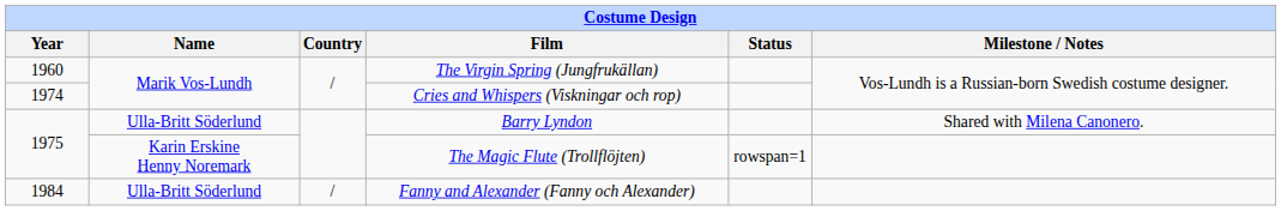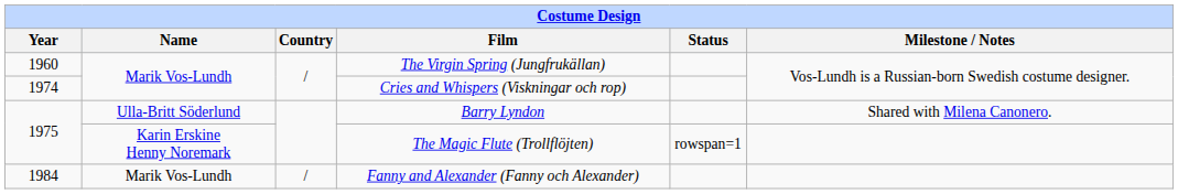 <table class="wikitable" style="text-align: center">
 <tr ---- bgcolor="#bfd7ff">
 <td colspan=6 align=center><strong><a href='#'>Costume Design</a></strong></td>
 </tr>
 <tr ---- bgcolor="#ebf5ff">
 <th width="75">Year</th>
 <th width="200">Name</th>
 <th width="50">Country</th>
 <th width="350">Film</th>
 <th width="75">Status</th>
 <th width="450">Milestone / Notes</th>
 </tr>
 <tr>
 <td style="text-align: center">1960</td>
 <td rowspan="2"><a href='#'>Marik Vos-Lundh</a></td>
 <td rowspan="2" style="text-align: center">/</td>
 <td><em><a href='#'>The Virgin Spring</a> (Jungfrukällan)</em></td>
 <td></td>
 <td rowspan="2">Vos-Lundh is a Russian-born Swedish costume designer.</td>
 </tr>
 <tr>
 <td style="text-align: center">1974</td>
 <td><em><a href='#'>Cries and Whispers</a> (Viskningar och rop)</em></td>
 <td></td>
 </tr>
 <tr>
 <td rowspan=2 style="text-align: center">1975</td>
 <td><a href='#'>Ulla-Britt Söderlund</a></td>
 <td rowspan="2" style="text-align: center"></td>
 <td><em><a href='#'>Barry Lyndon</a></em></td>
 <td></td>
 <td>Shared with <a href='#'>Milena Canonero</a>.</td>
 </tr>
 <tr>
 <td><a href='#'>Karin Erskine</a><br><a href='#'>Henny Noremark</a></td>
 <td rowspan=1><em><a href='#'>The Magic Flute</a> (Trollflöjten)</em></td>
 <td>rowspan=1 </td>
 <td></td>
 </tr>
 <tr>
 <td style="text-align: center">1984</td>
-<td><a href='#'>Ulla-Britt Söderlund</a></td>
+<td>Marik Vos-Lundh</td>
 <td style="text-align: center">/</td>
 <td><em><a href='#'>Fanny and Alexander</a> (Fanny och Alexander)</em></td>
 <td></td>
 <td></td>
 </tr>
 </table>
